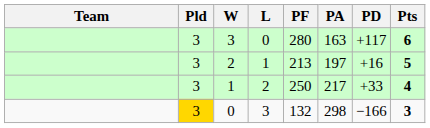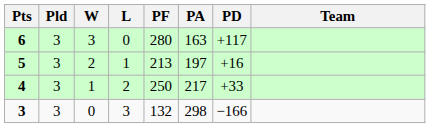 <table class=wikitable style="text-align:center">
 <tr>
-<th width=180>Team</th>
+<th width=30>Pts</th>
 <th width=30>Pld</th>
 <th width=30>W</th>
 <th width=30>L</th>
 <th width=30>PF</th>
 <th width=30>PA</th>
 <th width=30>PD</th>
-<th width=30>Pts</th>
+<th width=180>Team</th>
 </tr>
 <tr align=center bgcolor="#ccffcc">
-<td align=left></td>
+<td><strong>6</strong></td>
 <td>3</td>
 <td>3</td>
 <td>0</td>
 <td>280</td>
 <td>163</td>
 <td>+117</td>
-<td><strong>6</strong></td>
+<td align=left></td>
 </tr>
 <tr align=center bgcolor="#ccffcc">
-<td align=left></td>
+<td><strong>5</strong></td>
 <td>3</td>
 <td>2</td>
 <td>1</td>
 <td>213</td>
 <td>197</td>
 <td>+16</td>
-<td><strong>5</strong></td>
+<td align=left></td>
 </tr>
 <tr align=center bgcolor="#ccffcc">
-<td align=left></td>
+<td><strong>4</strong></td>
 <td>3</td>
 <td>1</td>
 <td>2</td>
 <td>250</td>
 <td>217</td>
 <td>+33</td>
-<td><strong>4</strong></td>
+<td align=left></td>
 </tr>
 <tr>
-<td align=left></td>
-<td style="background: gold;">3</td>
+<td><strong>3</strong></td>
+<td>3</td>
 <td>0</td>
 <td>3</td>
 <td>132</td>
 <td>298</td>
 <td>−166</td>
-<td><strong>3</strong></td>
+<td align=left></td>
 </tr>
 </table>
